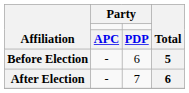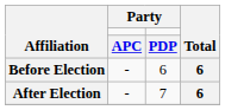 <table class=wikitable style="text-align:center">
 <tr style="vertical-align:bottom;">
 <th rowspan=3>Affiliation</th>
 <th colspan=2>Party</th>
 <th rowspan=3>Total</th>
 </tr>
 <tr>
 <td style="background-color:"></td>
 <td style="background-color:"></td>
 </tr>
 <tr>
 <th><a href='#'>APC</a></th>
 <th><a href='#'>PDP</a></th>
 </tr>
 <tr>
 <th>Before Election</th>
 <td>-</td>
 <td>6</td>
-<th>5</th>
+<th>6</th>
 </tr>
 <tr>
 <th>After Election</th>
 <td>-</td>
 <td>7</td>
 <th>6</th>
 </tr>
 <tr>
 </tr>
 </table>
